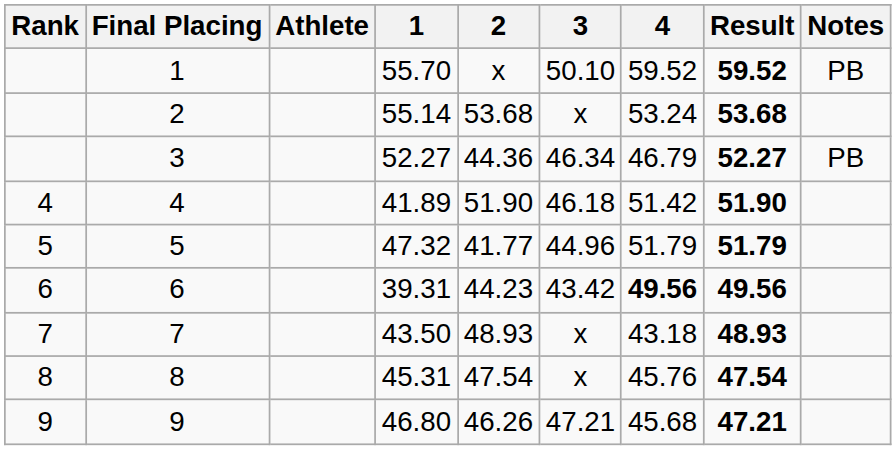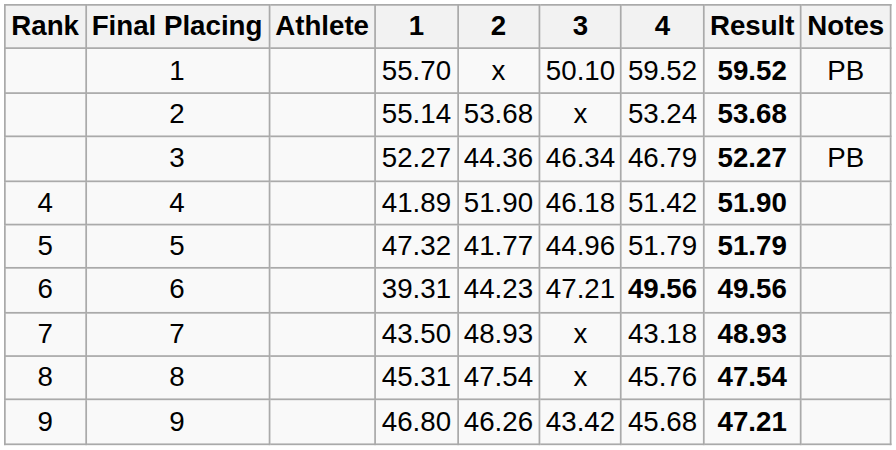 <table class="wikitable sortable" style="text-align:center">
 <tr>
 <th>Rank</th>
 <th>Final Placing</th>
 <th>Athlete</th>
 <th>1</th>
 <th>2</th>
 <th>3</th>
 <th>4</th>
 <th>Result</th>
 <th>Notes</th>
 </tr>
 <tr>
 <td></td>
 <td>1</td>
 <td align=left></td>
 <td>55.70</td>
 <td>x</td>
 <td>50.10</td>
 <td>59.52</td>
 <td><strong>59.52</strong></td>
 <td>PB</td>
 </tr>
 <tr>
 <td></td>
 <td>2</td>
 <td align=left></td>
 <td>55.14</td>
 <td>53.68</td>
 <td>x</td>
 <td>53.24</td>
 <td><strong>53.68</strong></td>
 <td></td>
 </tr>
 <tr>
 <td></td>
 <td>3</td>
 <td align=left></td>
 <td>52.27</td>
 <td>44.36</td>
 <td>46.34</td>
 <td>46.79</td>
 <td><strong>52.27</strong></td>
 <td>PB</td>
 </tr>
 <tr>
 <td>4</td>
 <td>4</td>
 <td align=left></td>
 <td>41.89</td>
 <td>51.90</td>
 <td>46.18</td>
 <td>51.42</td>
 <td><strong>51.90</strong></td>
 <td></td>
 </tr>
 <tr>
 <td>5</td>
 <td>5</td>
 <td align=left></td>
 <td>47.32</td>
 <td>41.77</td>
 <td>44.96</td>
 <td>51.79</td>
 <td><strong>51.79</strong></td>
 <td></td>
 </tr>
 <tr>
 <td>6</td>
 <td>6</td>
 <td align=left></td>
 <td>39.31</td>
 <td>44.23</td>
-<td>43.42</td>
+<td>47.21</td>
 <td><strong>49.56</strong></td>
 <td><strong>49.56</strong></td>
 <td></td>
 </tr>
 <tr>
 <td>7</td>
 <td>7</td>
 <td align=left></td>
 <td>43.50</td>
 <td>48.93</td>
 <td>x</td>
 <td>43.18</td>
 <td><strong>48.93</strong></td>
 <td></td>
 </tr>
 <tr>
 <td>8</td>
 <td>8</td>
 <td align=left></td>
 <td>45.31</td>
 <td>47.54</td>
 <td>x</td>
 <td>45.76</td>
 <td><strong>47.54</strong></td>
 <td></td>
 </tr>
 <tr>
 <td>9</td>
 <td>9</td>
 <td align=left></td>
 <td>46.80</td>
 <td>46.26</td>
-<td>47.21</td>
+<td>43.42</td>
 <td>45.68</td>
 <td><strong>47.21</strong></td>
 <td></td>
 </tr>
 </table>
